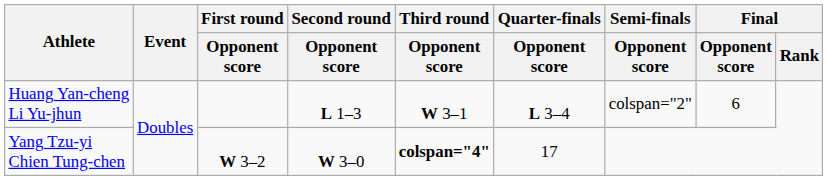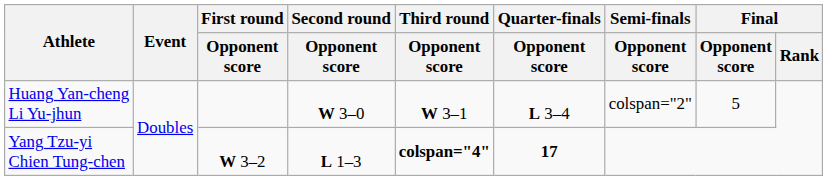 <table class="wikitable" style="font-size:90%; text-align:center">
 <tr>
 <th rowspan="2">Athlete</th>
 <th rowspan="2">Event</th>
 <th>First round</th>
 <th>Second round</th>
 <th>Third round</th>
 <th>Quarter-finals</th>
 <th>Semi-finals</th>
 <th colspan="2">Final</th>
 </tr>
 <tr>
 <th>Opponent<br>score</th>
 <th>Opponent<br>score</th>
 <th>Opponent<br>score</th>
 <th>Opponent<br>score</th>
 <th>Opponent<br>score</th>
 <th>Opponent<br>score</th>
 <th>Rank</th>
 </tr>
 <tr>
 <td align="left"><a href='#'>Huang Yan-cheng</a><br><a href='#'>Li Yu-jhun</a></td>
 <td align="left" rowspan="2"><a href='#'>Doubles</a></td>
 <td></td>
-<td><br><strong>L</strong> 1–3</td>
+<td><br><strong>W</strong> 3–0</td>
 <td><br><strong>W</strong> 3–1</td>
 <td><br><strong>L</strong> 3–4</td>
 <td>colspan="2" </td>
-<td>6</td>
+<td>5</td>
 </tr>
 <tr>
 <td align="left"><a href='#'>Yang Tzu-yi</a><br><a href='#'>Chien Tung-chen</a></td>
 <td><br><strong>W</strong> 3–2</td>
-<td><br><strong>W</strong> 3–0</td>
+<td><br><strong>L</strong> 1–3</td>
 <td><strong>colspan="4" </strong></td>
-<td>17</td>
+<td><strong>17</strong></td>
 </tr>
 </table>
